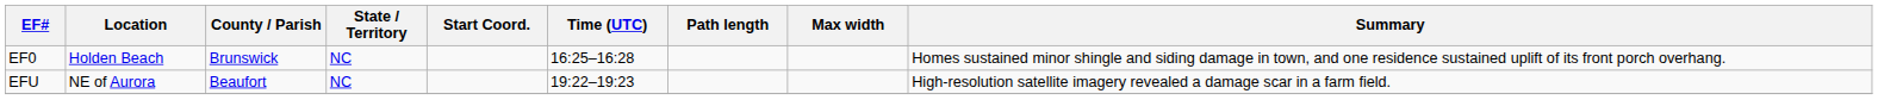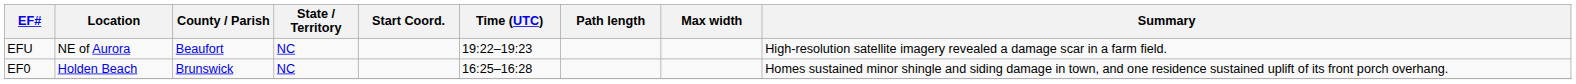 <table class="wikitable sortable" style="width:100%;">
 <tr>
 <th scope="col"  style="width:3%; text-align:center;"><a href='#'>EF#</a></th>
 <th scope="col"  style="width:7%; text-align:center;" class="unsortable">Location</th>
 <th scope="col"  style="width:6%; text-align:center;" class="unsortable">County / Parish</th>
 <th scope="col"  style="width:5%; text-align:center;">State / Territory</th>
 <th scope="col"  style="width:6%; text-align:center;">Start Coord.</th>
 <th scope="col"  style="width:6%; text-align:center;">Time (<a href='#'>UTC</a>)</th>
 <th scope="col"  style="width:6%; text-align:center;">Path length</th>
 <th scope="col"  style="width:6%; text-align:center;">Max width</th>
 <th scope="col" class="unsortable" style="width:48%; text-align:center;">Summary</th>
 </tr>
 <tr>
+<td>EFU</td>
+<td>NE of <a href='#'>Aurora</a></td>
+<td><a href='#'>Beaufort</a></td>
+<td><a href='#'>NC</a></td>
+<td></td>
+<td>19:22–19:23</td>
+<td></td>
+<td></td>
+<td>High-resolution satellite imagery revealed a damage scar in a farm field.</td>
+</tr>
+<tr>
 <td>EF0</td>
 <td><a href='#'>Holden Beach</a></td>
 <td><a href='#'>Brunswick</a></td>
 <td><a href='#'>NC</a></td>
 <td></td>
 <td>16:25–16:28</td>
 <td></td>
 <td></td>
 <td>Homes sustained minor shingle and siding damage in town, and one residence sustained uplift of its front porch overhang.</td>
 </tr>
 <tr>
-<td>EFU</td>
-<td>NE of <a href='#'>Aurora</a></td>
-<td><a href='#'>Beaufort</a></td>
-<td><a href='#'>NC</a></td>
-<td></td>
-<td>19:22–19:23</td>
-<td></td>
-<td></td>
-<td>High-resolution satellite imagery revealed a damage scar in a farm field.</td>
-</tr>
-<tr>
 </tr>
 </table>
